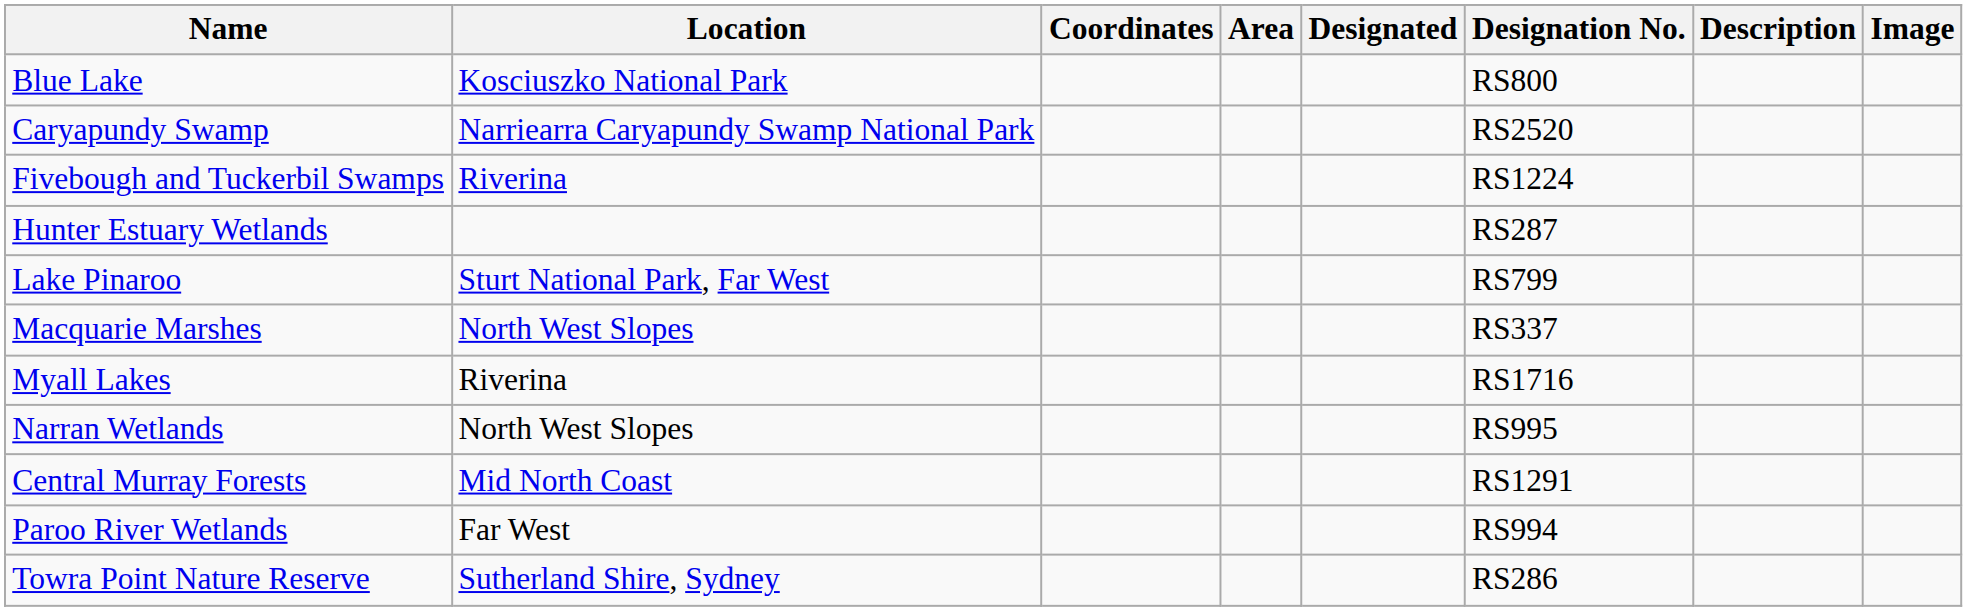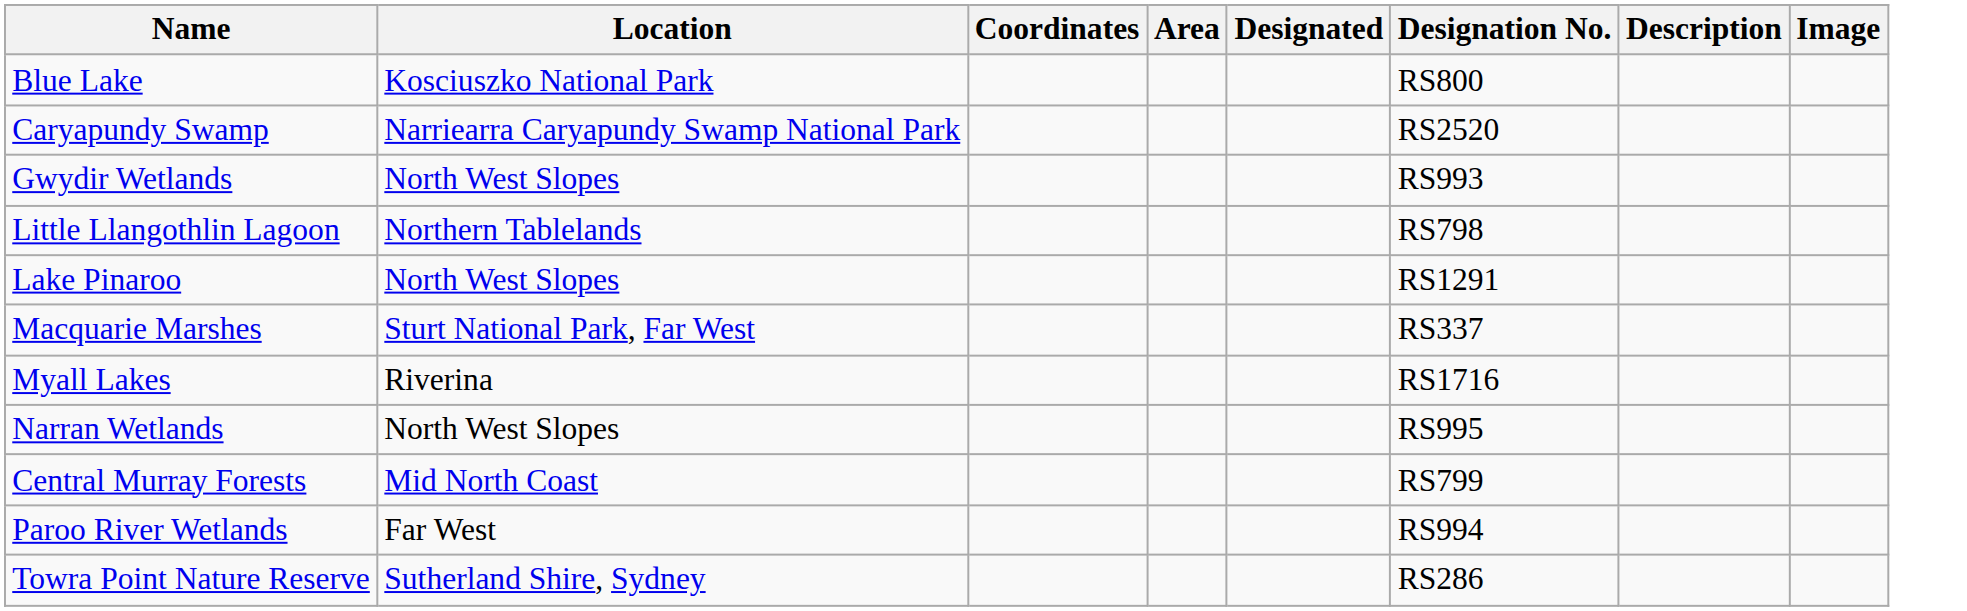 <table class="wikitable sortable">
 <tr>
 <th style="background-color:">Name</th>
 <th style="background-color:">Location</th>
 <th style="background-color:">Coordinates</th>
 <th style="background-color:">Area</th>
 <th style="background-color:">Designated</th>
 <th style="background-color:">Designation No.</th>
 <th style="background-color:">Description</th>
 <th style="background-color:">Image</th>
 </tr>
 <tr>
 <td><a href='#'>Blue Lake</a></td>
 <td><a href='#'>Kosciuszko National Park</a></td>
 <td></td>
 <td></td>
 <td></td>
 <td>RS800</td>
 <td></td>
 <td></td>
 </tr>
 <tr>
 <td><a href='#'>Caryapundy Swamp</a></td>
 <td><a href='#'>Narriearra Caryapundy Swamp National Park</a></td>
 <td></td>
 <td></td>
 <td></td>
 <td>RS2520</td>
 <td></td>
 <td></td>
 </tr>
 <tr>
-<td><a href='#'>Fivebough and Tuckerbil Swamps</a></td>
-<td><a href='#'>Riverina</a></td>
+<td><a href='#'>Gwydir Wetlands</a></td>
+<td><a href='#'>North West Slopes</a></td>
 <td></td>
 <td></td>
 <td></td>
-<td>RS1224</td>
+<td>RS993</td>
 <td></td>
 <td></td>
 </tr>
 <tr>
-<td><a href='#'>Hunter Estuary Wetlands</a></td>
+<td><a href='#'>Little Llangothlin Lagoon</a></td>
+<td><a href='#'>Northern Tablelands</a></td>
 <td></td>
 <td></td>
 <td></td>
-<td></td>
-<td>RS287</td>
+<td>RS798</td>
 <td></td>
 <td></td>
 </tr>
 <tr>
 <td><a href='#'>Lake Pinaroo</a></td>
-<td><a href='#'>Sturt National Park</a>, <a href='#'>Far West</a></td>
+<td><a href='#'>North West Slopes</a></td>
 <td></td>
 <td></td>
 <td></td>
-<td>RS799</td>
+<td>RS1291</td>
 <td></td>
 <td></td>
 </tr>
 <tr>
 <td><a href='#'>Macquarie Marshes</a></td>
-<td><a href='#'>North West Slopes</a></td>
+<td><a href='#'>Sturt National Park</a>, <a href='#'>Far West</a></td>
 <td></td>
 <td></td>
 <td></td>
 <td>RS337</td>
 <td></td>
 <td></td>
 </tr>
 <tr>
 <td><a href='#'>Myall Lakes</a></td>
 <td>Riverina</td>
 <td></td>
 <td></td>
 <td></td>
 <td>RS1716</td>
 <td></td>
 <td></td>
 </tr>
 <tr>
 <td><a href='#'>Narran Wetlands</a></td>
 <td>North West Slopes</td>
 <td></td>
 <td></td>
 <td></td>
 <td>RS995</td>
 <td></td>
 <td></td>
 </tr>
 <tr>
 <td><a href='#'>Central Murray Forests</a></td>
 <td><a href='#'>Mid North Coast</a></td>
 <td></td>
 <td></td>
 <td></td>
-<td>RS1291</td>
+<td>RS799</td>
 <td></td>
 <td></td>
 </tr>
 <tr>
 <td><a href='#'>Paroo River Wetlands</a></td>
 <td>Far West</td>
 <td></td>
 <td></td>
 <td></td>
 <td>RS994</td>
 <td></td>
 <td></td>
 </tr>
 <tr>
 <td><a href='#'>Towra Point Nature Reserve</a></td>
 <td><a href='#'>Sutherland Shire</a>, <a href='#'>Sydney</a></td>
 <td></td>
 <td></td>
 <td></td>
 <td>RS286</td>
 <td></td>
 <td></td>
 </tr>
 </table>
